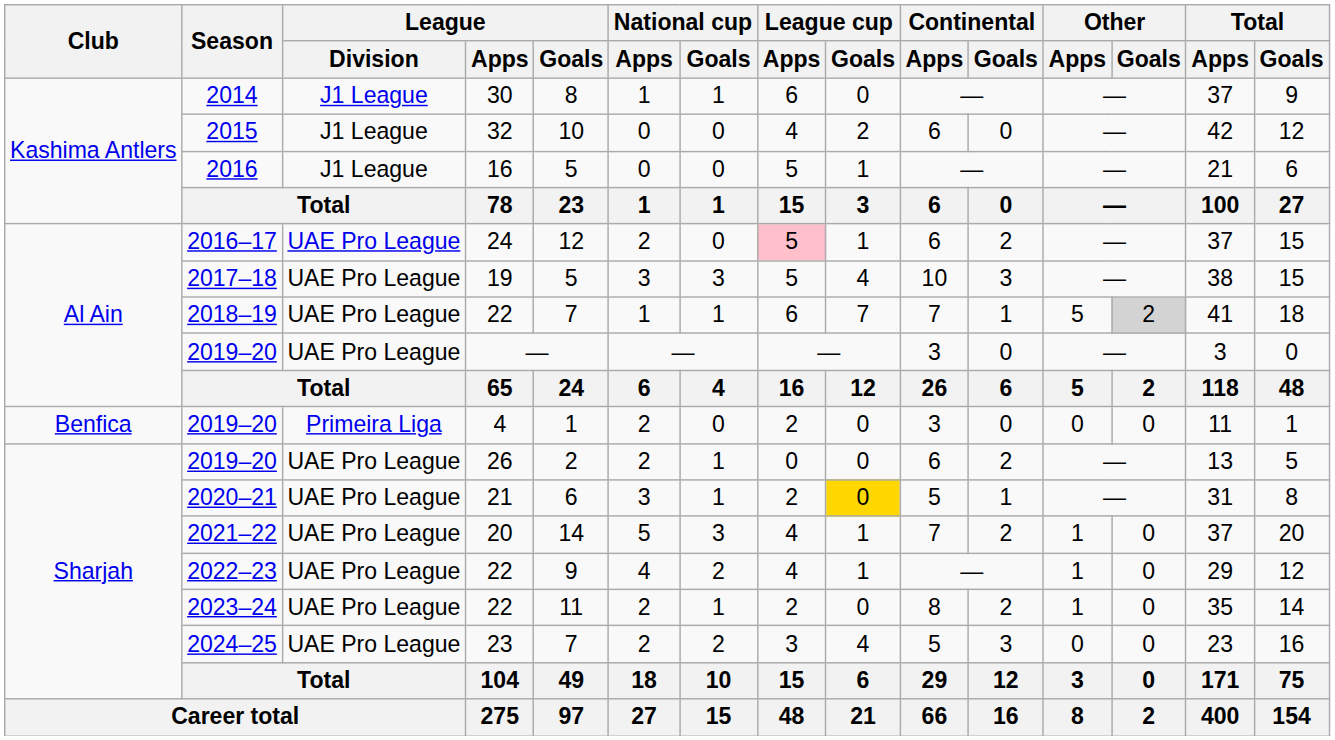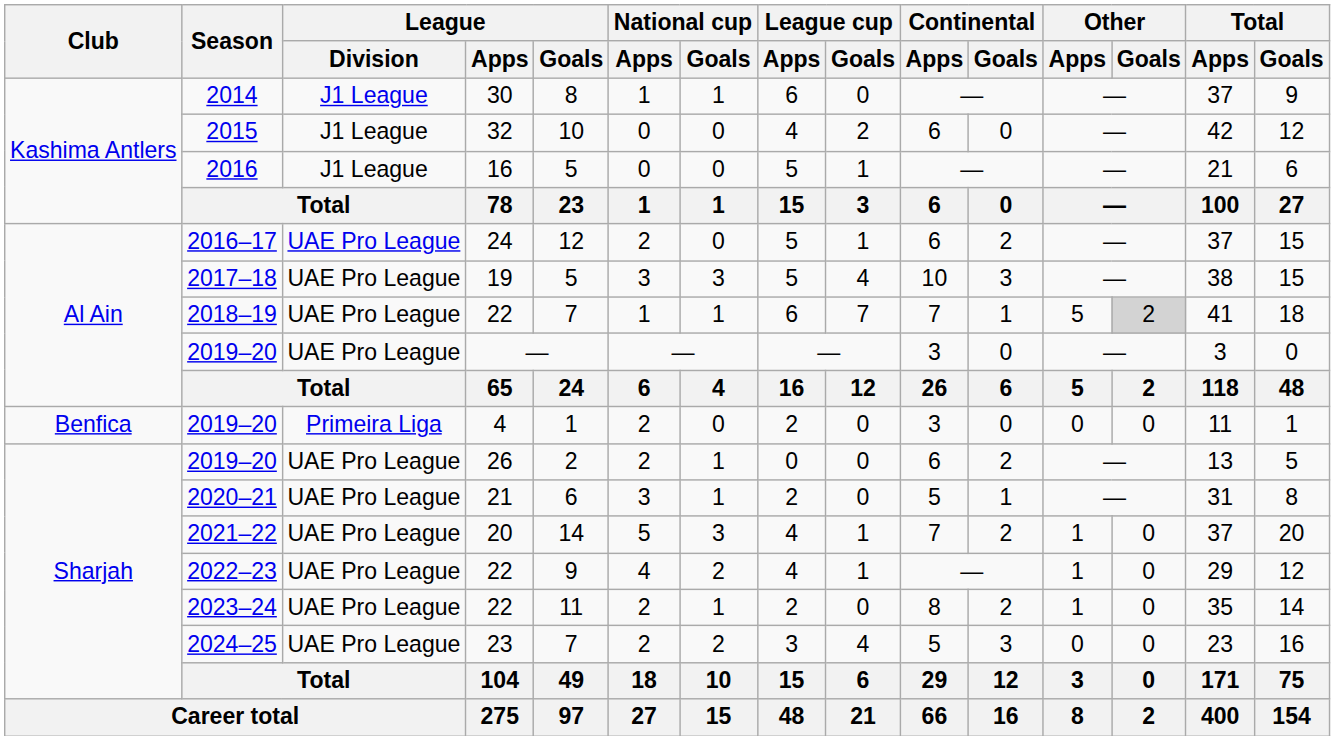 <table class="wikitable" style="text-align: center;">
 <tr>
 <th rowspan="2">Club</th>
 <th rowspan="2">Season</th>
 <th colspan="3">League</th>
 <th colspan="2">National cup</th>
 <th colspan="2">League cup</th>
 <th colspan="2">Continental</th>
 <th colspan="2">Other</th>
 <th colspan="2">Total</th>
 </tr>
 <tr>
 <th>Division</th>
 <th>Apps</th>
 <th>Goals</th>
 <th>Apps</th>
 <th>Goals</th>
 <th>Apps</th>
 <th>Goals</th>
 <th>Apps</th>
 <th>Goals</th>
 <th>Apps</th>
 <th>Goals</th>
 <th>Apps</th>
 <th>Goals</th>
 </tr>
 <tr>
 <td rowspan="4"><a href='#'>Kashima Antlers</a></td>
 <td><a href='#'>2014</a></td>
 <td><a href='#'>J1 League</a></td>
 <td>30</td>
 <td>8</td>
 <td>1</td>
 <td>1</td>
 <td>6</td>
 <td>0</td>
 <td colspan="2">—</td>
 <td colspan="2">—</td>
 <td>37</td>
 <td>9</td>
 </tr>
 <tr>
 <td><a href='#'>2015</a></td>
 <td>J1 League</td>
 <td>32</td>
 <td>10</td>
 <td>0</td>
 <td>0</td>
 <td>4</td>
 <td>2</td>
 <td>6</td>
 <td>0</td>
 <td colspan="2">—</td>
 <td>42</td>
 <td>12</td>
 </tr>
 <tr>
 <td><a href='#'>2016</a></td>
 <td>J1 League</td>
 <td>16</td>
 <td>5</td>
 <td>0</td>
 <td>0</td>
 <td>5</td>
 <td>1</td>
 <td colspan="2">—</td>
 <td colspan="2">—</td>
 <td>21</td>
 <td>6</td>
 </tr>
 <tr>
 <th colspan="2">Total</th>
 <th>78</th>
 <th>23</th>
 <th>1</th>
 <th>1</th>
 <th>15</th>
 <th>3</th>
 <th>6</th>
 <th>0</th>
 <th colspan="2">—</th>
 <th>100</th>
 <th>27</th>
 </tr>
 <tr>
 <td rowspan="5"><a href='#'>Al Ain</a></td>
 <td><a href='#'>2016–17</a></td>
 <td><a href='#'>UAE Pro League</a></td>
 <td>24</td>
 <td>12</td>
 <td>2</td>
 <td>0</td>
-<td style="background: pink;">5</td>
+<td>5</td>
 <td>1</td>
 <td>6</td>
 <td>2</td>
 <td colspan="2">—</td>
 <td>37</td>
 <td>15</td>
 </tr>
 <tr>
 <td><a href='#'>2017–18</a></td>
 <td>UAE Pro League</td>
 <td>19</td>
 <td>5</td>
 <td>3</td>
 <td>3</td>
 <td>5</td>
 <td>4</td>
 <td>10</td>
 <td>3</td>
 <td colspan="2">—</td>
 <td>38</td>
 <td>15</td>
 </tr>
 <tr>
 <td><a href='#'>2018–19</a></td>
 <td>UAE Pro League</td>
 <td>22</td>
 <td>7</td>
 <td>1</td>
 <td>1</td>
 <td>6</td>
 <td>7</td>
 <td>7</td>
 <td>1</td>
 <td>5</td>
 <td style="background: lightgrey;">2</td>
 <td>41</td>
 <td>18</td>
 </tr>
 <tr>
 <td><a href='#'>2019–20</a></td>
 <td>UAE Pro League</td>
 <td colspan="2">—</td>
 <td colspan="2">—</td>
 <td colspan="2">—</td>
 <td>3</td>
 <td>0</td>
 <td colspan="2">—</td>
 <td>3</td>
 <td>0</td>
 </tr>
 <tr>
 <th colspan="2">Total</th>
 <th>65</th>
 <th>24</th>
 <th>6</th>
 <th>4</th>
 <th>16</th>
 <th>12</th>
 <th>26</th>
 <th>6</th>
 <th>5</th>
 <th>2</th>
 <th>118</th>
 <th>48</th>
 </tr>
 <tr>
 <td><a href='#'>Benfica</a></td>
 <td><a href='#'>2019–20</a></td>
 <td><a href='#'>Primeira Liga</a></td>
 <td>4</td>
 <td>1</td>
 <td>2</td>
 <td>0</td>
 <td>2</td>
 <td>0</td>
 <td>3</td>
 <td>0</td>
 <td>0</td>
 <td>0</td>
 <td>11</td>
 <td>1</td>
 </tr>
 <tr>
 <td rowspan="7"><a href='#'>Sharjah</a></td>
 <td><a href='#'>2019–20</a></td>
 <td>UAE Pro League</td>
 <td>26</td>
 <td>2</td>
 <td>2</td>
 <td>1</td>
 <td>0</td>
 <td>0</td>
 <td>6</td>
 <td>2</td>
 <td colspan="2">—</td>
 <td>13</td>
 <td>5</td>
 </tr>
 <tr>
 <td><a href='#'>2020–21</a></td>
 <td>UAE Pro League</td>
 <td>21</td>
 <td>6</td>
 <td>3</td>
 <td>1</td>
 <td>2</td>
-<td style="background: gold;">0</td>
+<td>0</td>
 <td>5</td>
 <td>1</td>
 <td colspan="2">—</td>
 <td>31</td>
 <td>8</td>
 </tr>
 <tr>
 <td><a href='#'>2021–22</a></td>
 <td>UAE Pro League</td>
 <td>20</td>
 <td>14</td>
 <td>5</td>
 <td>3</td>
 <td>4</td>
 <td>1</td>
 <td>7</td>
 <td>2</td>
 <td>1</td>
 <td>0</td>
 <td>37</td>
 <td>20</td>
 </tr>
 <tr>
 <td><a href='#'>2022–23</a></td>
 <td>UAE Pro League</td>
 <td>22</td>
 <td>9</td>
 <td>4</td>
 <td>2</td>
 <td>4</td>
 <td>1</td>
 <td colspan="2">—</td>
 <td>1</td>
 <td>0</td>
 <td>29</td>
 <td>12</td>
 </tr>
 <tr>
 <td><a href='#'>2023–24</a></td>
 <td>UAE Pro League</td>
 <td>22</td>
 <td>11</td>
 <td>2</td>
 <td>1</td>
 <td>2</td>
 <td>0</td>
 <td>8</td>
 <td>2</td>
 <td>1</td>
 <td>0</td>
 <td>35</td>
 <td>14</td>
 </tr>
 <tr>
 <td><a href='#'>2024–25</a></td>
 <td>UAE Pro League</td>
 <td>23</td>
 <td>7</td>
 <td>2</td>
 <td>2</td>
 <td>3</td>
 <td>4</td>
 <td>5</td>
 <td>3</td>
 <td>0</td>
 <td>0</td>
 <td>23</td>
 <td>16</td>
 </tr>
 <tr>
 <th colspan="2">Total</th>
 <th>104</th>
 <th>49</th>
 <th>18</th>
 <th>10</th>
 <th>15</th>
 <th>6</th>
 <th>29</th>
 <th>12</th>
 <th>3</th>
 <th>0</th>
 <th>171</th>
 <th>75</th>
 </tr>
 <tr>
 <th colspan="3">Career total</th>
 <th>275</th>
 <th>97</th>
 <th>27</th>
 <th>15</th>
 <th>48</th>
 <th>21</th>
 <th>66</th>
 <th>16</th>
 <th>8</th>
 <th>2</th>
 <th>400</th>
 <th>154</th>
 </tr>
 </table>
